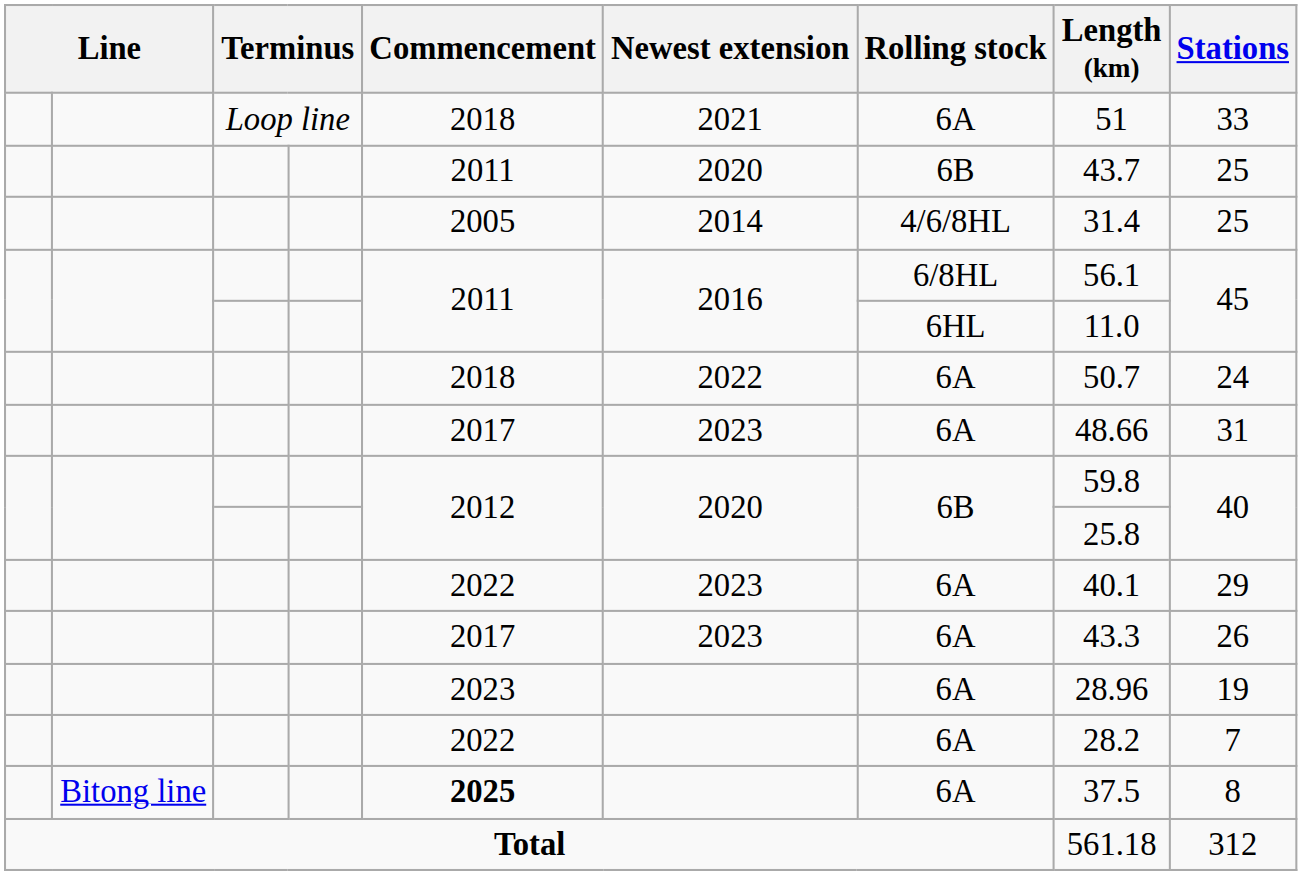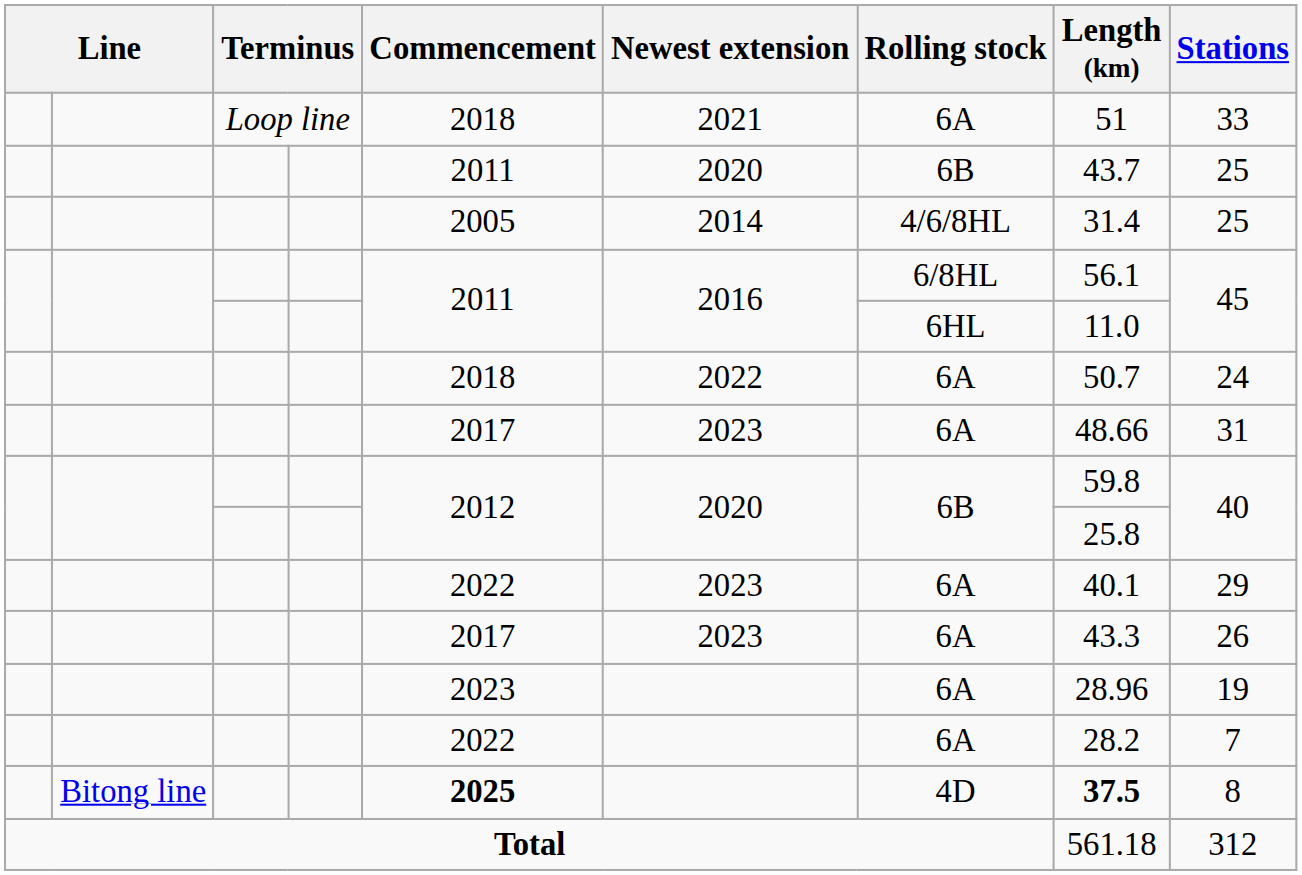 <table class="wikitable" style="cell-padding:1.5; text-align:center;">
 <tr>
 <th colspan="2">Line</th>
 <th colspan="2" class="unsortable">Terminus<br></th>
 <th>Commencement</th>
 <th>Newest extension</th>
 <th>Rolling stock</th>
 <th>Length<br><small>(km)</small></th>
 <th><a href='#'>Stations</a></th>
 </tr>
 <tr>
 <td></td>
 <td></td>
 <td colspan="2"><em>Loop line</em></td>
 <td>2018</td>
 <td>2021</td>
 <td>6A</td>
 <td>51</td>
 <td>33</td>
 </tr>
 <tr>
 <td style="width:16px"></td>
 <td></td>
 <td><strong></strong> </td>
 <td><strong></strong> </td>
 <td>2011</td>
 <td>2020</td>
 <td>6B</td>
 <td>43.7</td>
 <td>25</td>
 </tr>
 <tr>
 <td style="width:16px"></td>
 <td></td>
 <td><strong></strong> </td>
 <td><strong></strong> </td>
 <td>2005</td>
 <td>2014</td>
 <td>4/6/8HL</td>
 <td>31.4</td>
 <td>25</td>
 </tr>
 <tr>
 <td rowspan="2" style="width:16px"></td>
 <td rowspan="2"></td>
 <td><strong></strong> </td>
 <td><strong></strong> </td>
 <td rowspan="2">2011</td>
 <td rowspan="2">2016</td>
 <td>6/8HL</td>
 <td>56.1</td>
 <td rowspan="2">45</td>
 </tr>
 <tr>
 <td><strong></strong> </td>
 <td><strong></strong> </td>
 <td>6HL</td>
 <td>11.0</td>
 </tr>
 <tr>
 <td></td>
 <td></td>
 <td><strong></strong> </td>
 <td><strong></strong> </td>
 <td>2018</td>
 <td>2022</td>
 <td>6A</td>
 <td>50.7</td>
 <td>24</td>
 </tr>
 <tr>
 <td></td>
 <td></td>
 <td><strong></strong> </td>
 <td><strong></strong> </td>
 <td>2017</td>
 <td>2023</td>
 <td>6A</td>
 <td>48.66</td>
 <td>31</td>
 </tr>
 <tr>
 <td rowspan="2" style="width:16px"></td>
 <td rowspan="2"></td>
 <td><strong></strong> </td>
 <td><strong></strong> </td>
 <td rowspan="2">2012</td>
 <td rowspan="2">2020</td>
 <td rowspan="2">6B</td>
 <td>59.8</td>
 <td rowspan="2">40</td>
 </tr>
 <tr>
 <td><strong></strong> </td>
 <td><strong></strong> </td>
 <td>25.8</td>
 </tr>
 <tr>
 <td style="width:16px"></td>
 <td></td>
 <td><strong></strong> </td>
 <td><strong></strong> </td>
 <td>2022</td>
 <td>2023</td>
 <td>6A</td>
 <td>40.1</td>
 <td>29</td>
 </tr>
 <tr>
 <td style="width:16px"></td>
 <td></td>
 <td><strong></strong> </td>
 <td><strong></strong> </td>
 <td>2017</td>
 <td>2023</td>
 <td>6A</td>
 <td>43.3</td>
 <td>26</td>
 </tr>
 <tr>
 <td style="width:16px"></td>
 <td></td>
 <td><strong></strong> </td>
 <td><strong></strong> </td>
 <td>2023</td>
 <td></td>
 <td>6A</td>
 <td>28.96</td>
 <td>19</td>
 </tr>
 <tr>
 <td style="width:16px"></td>
 <td></td>
 <td><strong></strong> </td>
 <td><strong></strong> </td>
 <td>2022</td>
 <td></td>
 <td>6A</td>
 <td>28.2</td>
 <td>7</td>
 </tr>
 <tr>
 <td style="width:16px"></td>
 <td><a href='#'>Bitong line</a></td>
 <td><strong></strong> </td>
 <td><strong></strong> </td>
 <td><strong>2025</strong></td>
 <td></td>
-<td>6A</td>
-<td>37.5</td>
+<td>4D</td>
+<td><strong>37.5</strong></td>
 <td>8</td>
 </tr>
 <tr>
 <td colspan="7"><strong>Total</strong></td>
 <td>561.18</td>
 <td>312</td>
 </tr>
 </table>
